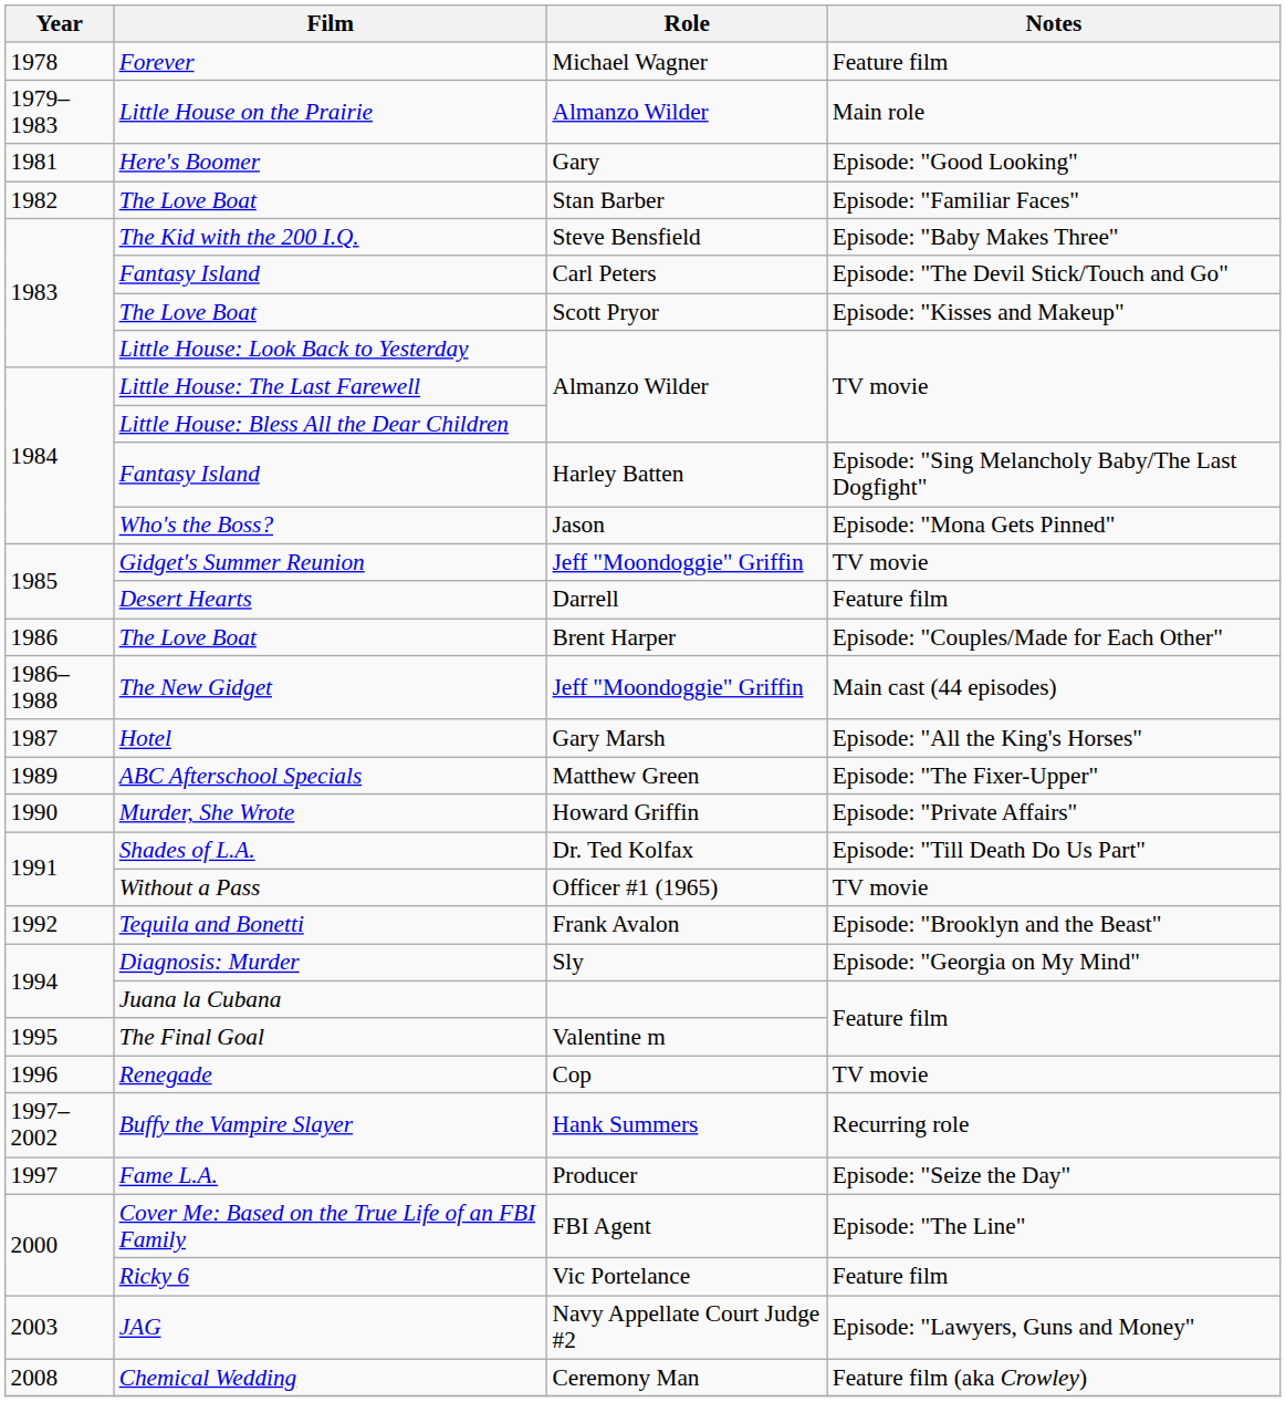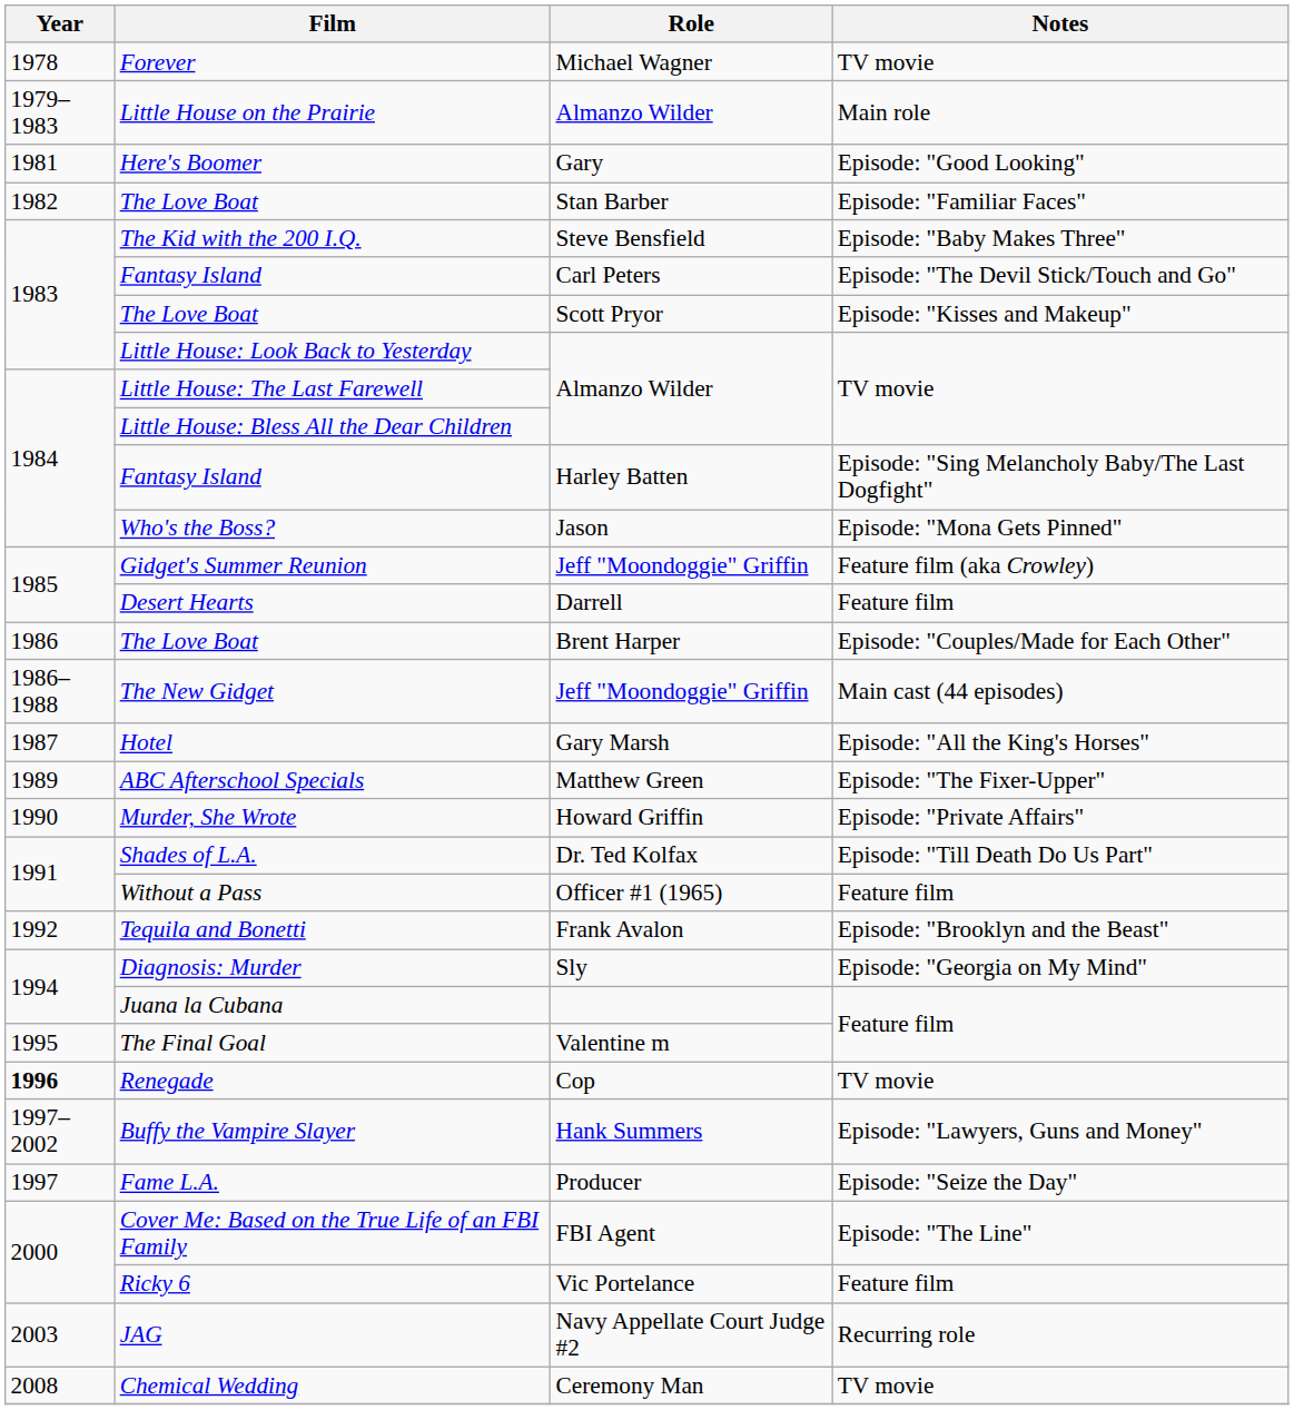 <table class="wikitable sortable" style="font-size:100%;">
 <tr>
 <th>Year</th>
 <th>Film</th>
 <th>Role</th>
 <th class="unsortable">Notes</th>
 </tr>
 <tr>
 <td>1978</td>
 <td><em><a href='#'>Forever</a></em></td>
 <td>Michael Wagner</td>
-<td>Feature film</td>
+<td>TV movie</td>
 </tr>
 <tr>
 <td>1979–1983</td>
 <td><em><a href='#'>Little House on the Prairie</a></em></td>
 <td><a href='#'>Almanzo Wilder</a></td>
 <td>Main role</td>
 </tr>
 <tr>
 <td>1981</td>
 <td><em><a href='#'>Here's Boomer</a></em></td>
 <td>Gary</td>
 <td>Episode: "Good Looking"</td>
 </tr>
 <tr>
 <td>1982</td>
 <td data-sort-value="Love Boat, The"><em><a href='#'>The Love Boat</a></em></td>
 <td>Stan Barber</td>
 <td>Episode: "Familiar Faces"</td>
 </tr>
 <tr>
 <td rowspan=4>1983</td>
 <td data-sort-value="Kid with the 200 I.Q., The"><em><a href='#'>The Kid with the 200 I.Q.</a></em></td>
 <td>Steve Bensfield</td>
 <td>Episode: "Baby Makes Three"</td>
 </tr>
 <tr>
 <td><em><a href='#'>Fantasy Island</a></em></td>
 <td>Carl Peters</td>
 <td>Episode: "The Devil Stick/Touch and Go"</td>
 </tr>
 <tr>
 <td data-sort-value="Love Boat, The"><em><a href='#'>The Love Boat</a></em></td>
 <td>Scott Pryor</td>
 <td>Episode: "Kisses and Makeup"</td>
 </tr>
 <tr>
 <td><em><a href='#'>Little House: Look Back to Yesterday</a></em></td>
 <td rowspan=3>Almanzo Wilder</td>
 <td rowspan=3>TV movie</td>
 </tr>
 <tr>
 <td rowspan=4>1984</td>
 <td><em><a href='#'>Little House: The Last Farewell</a></em></td>
 </tr>
 <tr>
 <td><em><a href='#'>Little House: Bless All the Dear Children</a></em></td>
 </tr>
 <tr>
 <td><em><a href='#'>Fantasy Island</a></em></td>
 <td>Harley Batten</td>
 <td>Episode: "Sing Melancholy Baby/The Last Dogfight"</td>
 </tr>
 <tr>
 <td><em><a href='#'>Who's the Boss?</a></em></td>
 <td>Jason</td>
 <td>Episode: "Mona Gets Pinned"</td>
 </tr>
 <tr>
 <td rowspan=2>1985</td>
 <td><em><a href='#'>Gidget's Summer Reunion</a></em></td>
 <td><a href='#'>Jeff "Moondoggie" Griffin</a></td>
-<td>TV movie</td>
+<td>Feature film (aka <em>Crowley</em>)</td>
 </tr>
 <tr>
 <td><em><a href='#'>Desert Hearts</a></em></td>
 <td>Darrell</td>
 <td>Feature film</td>
 </tr>
 <tr>
 <td>1986</td>
 <td data-sort-value="Love Boat, The"><em><a href='#'>The Love Boat</a></em></td>
 <td>Brent Harper</td>
 <td>Episode: "Couples/Made for Each Other"</td>
 </tr>
 <tr>
 <td>1986–1988</td>
 <td data-sort-value="New Gidget, The"><em><a href='#'>The New Gidget</a></em></td>
 <td><a href='#'>Jeff "Moondoggie" Griffin</a></td>
 <td>Main cast (44 episodes)</td>
 </tr>
 <tr>
 <td>1987</td>
 <td><em><a href='#'>Hotel</a></em></td>
 <td>Gary Marsh</td>
 <td>Episode: "All the King's Horses"</td>
 </tr>
 <tr>
 <td>1989</td>
 <td><em><a href='#'>ABC Afterschool Specials</a></em></td>
 <td>Matthew Green</td>
 <td>Episode: "The Fixer-Upper"</td>
 </tr>
 <tr>
 <td>1990</td>
 <td><em><a href='#'>Murder, She Wrote</a></em></td>
 <td>Howard Griffin</td>
 <td>Episode: "Private Affairs"</td>
 </tr>
 <tr>
 <td rowspan=2>1991</td>
 <td><em><a href='#'>Shades of L.A.</a></em></td>
 <td>Dr. Ted Kolfax</td>
 <td>Episode: "Till Death Do Us Part"</td>
 </tr>
 <tr>
 <td><em>Without a Pass</em></td>
 <td>Officer #1 (1965)</td>
-<td>TV movie</td>
+<td>Feature film</td>
 </tr>
 <tr>
 <td>1992</td>
 <td><em><a href='#'>Tequila and Bonetti</a></em></td>
 <td>Frank Avalon</td>
 <td>Episode: "Brooklyn and the Beast"</td>
 </tr>
 <tr>
 <td rowspan=2>1994</td>
 <td><em><a href='#'>Diagnosis: Murder</a></em></td>
 <td>Sly</td>
 <td>Episode: "Georgia on My Mind"</td>
 </tr>
 <tr>
 <td><em>Juana la Cubana</em></td>
 <td></td>
 <td rowspan=2>Feature film</td>
 </tr>
 <tr>
 <td>1995</td>
 <td data-sort-value="Final Goal, The"><em>The Final Goal</em></td>
 <td>Valentine m</td>
 </tr>
 <tr>
-<td>1996</td>
+<td><strong>1996</strong></td>
 <td><em><a href='#'>Renegade</a></em></td>
 <td>Cop</td>
 <td>TV movie</td>
 </tr>
 <tr>
 <td>1997–2002</td>
 <td><em><a href='#'>Buffy the Vampire Slayer</a></em></td>
 <td><a href='#'>Hank Summers</a></td>
-<td>Recurring role</td>
+<td>Episode: "Lawyers, Guns and Money"</td>
 </tr>
 <tr>
 <td>1997</td>
 <td><em><a href='#'>Fame L.A.</a></em></td>
 <td>Producer</td>
 <td>Episode: "Seize the Day"</td>
 </tr>
 <tr>
 <td rowspan=2>2000</td>
 <td><em><a href='#'>Cover Me: Based on the True Life of an FBI Family</a></em></td>
 <td>FBI Agent</td>
 <td>Episode: "The Line"</td>
 </tr>
 <tr>
 <td><em><a href='#'>Ricky 6</a></em></td>
 <td>Vic Portelance</td>
 <td>Feature film</td>
 </tr>
 <tr>
 <td>2003</td>
 <td><em><a href='#'>JAG</a></em></td>
 <td>Navy Appellate Court Judge #2</td>
-<td>Episode: "Lawyers, Guns and Money"</td>
+<td>Recurring role</td>
 </tr>
 <tr>
 <td>2008</td>
 <td><em><a href='#'>Chemical Wedding</a></em></td>
 <td>Ceremony Man</td>
-<td>Feature film (aka <em>Crowley</em>)</td>
+<td>TV movie</td>
 </tr>
 <tr>
 </tr>
 </table>
